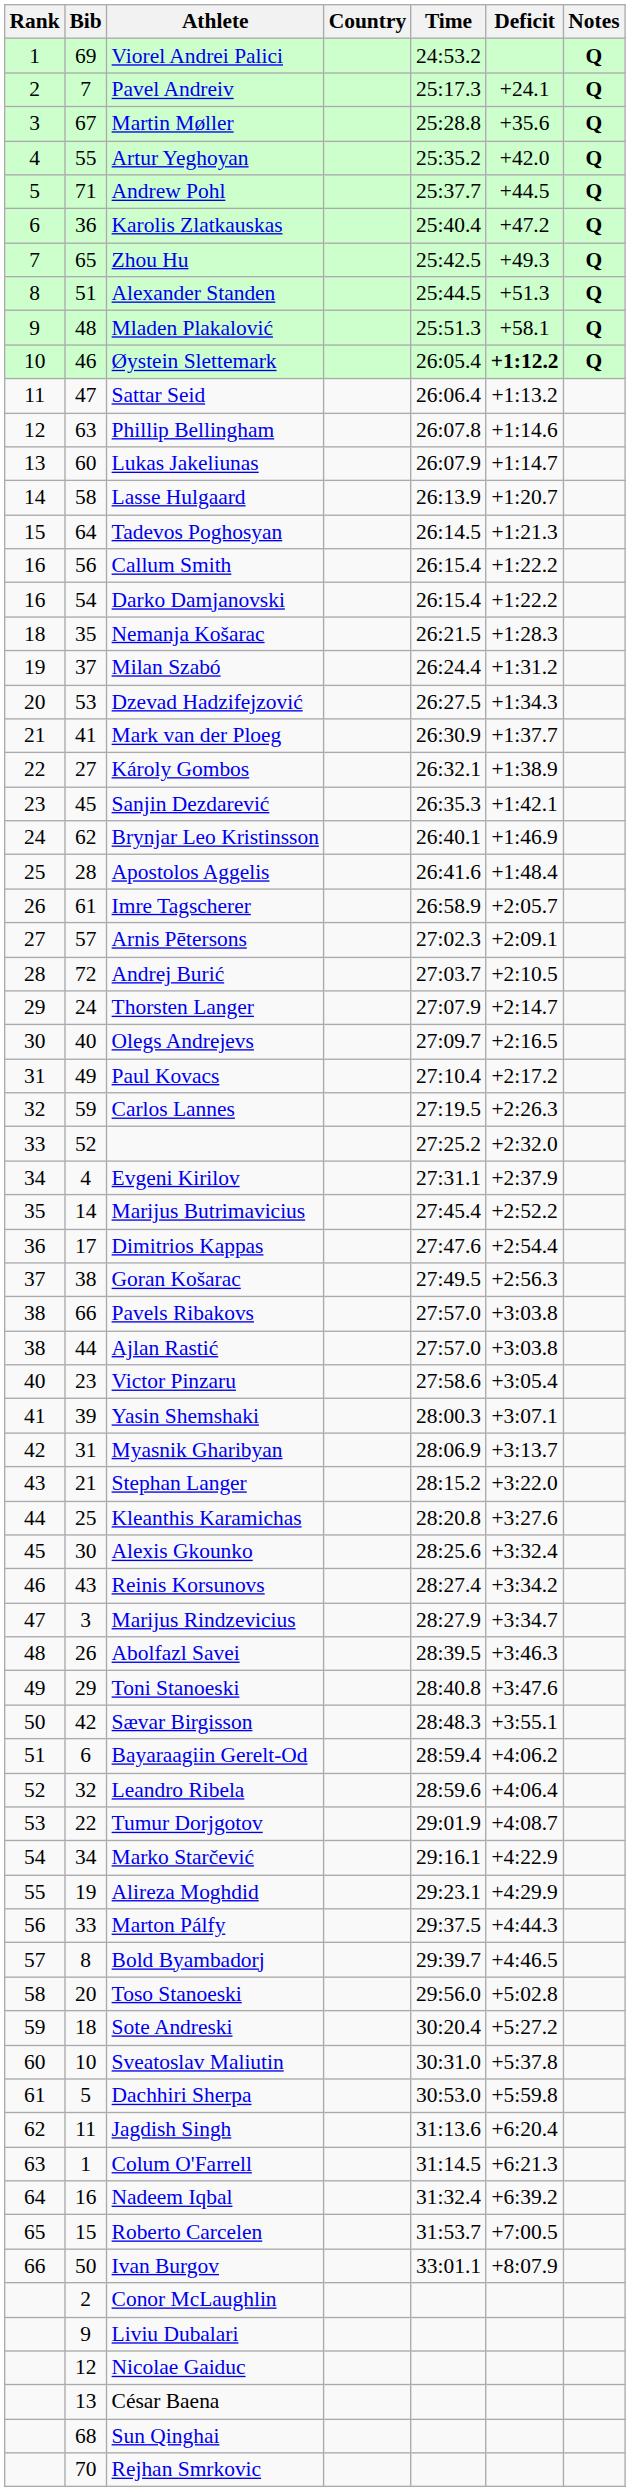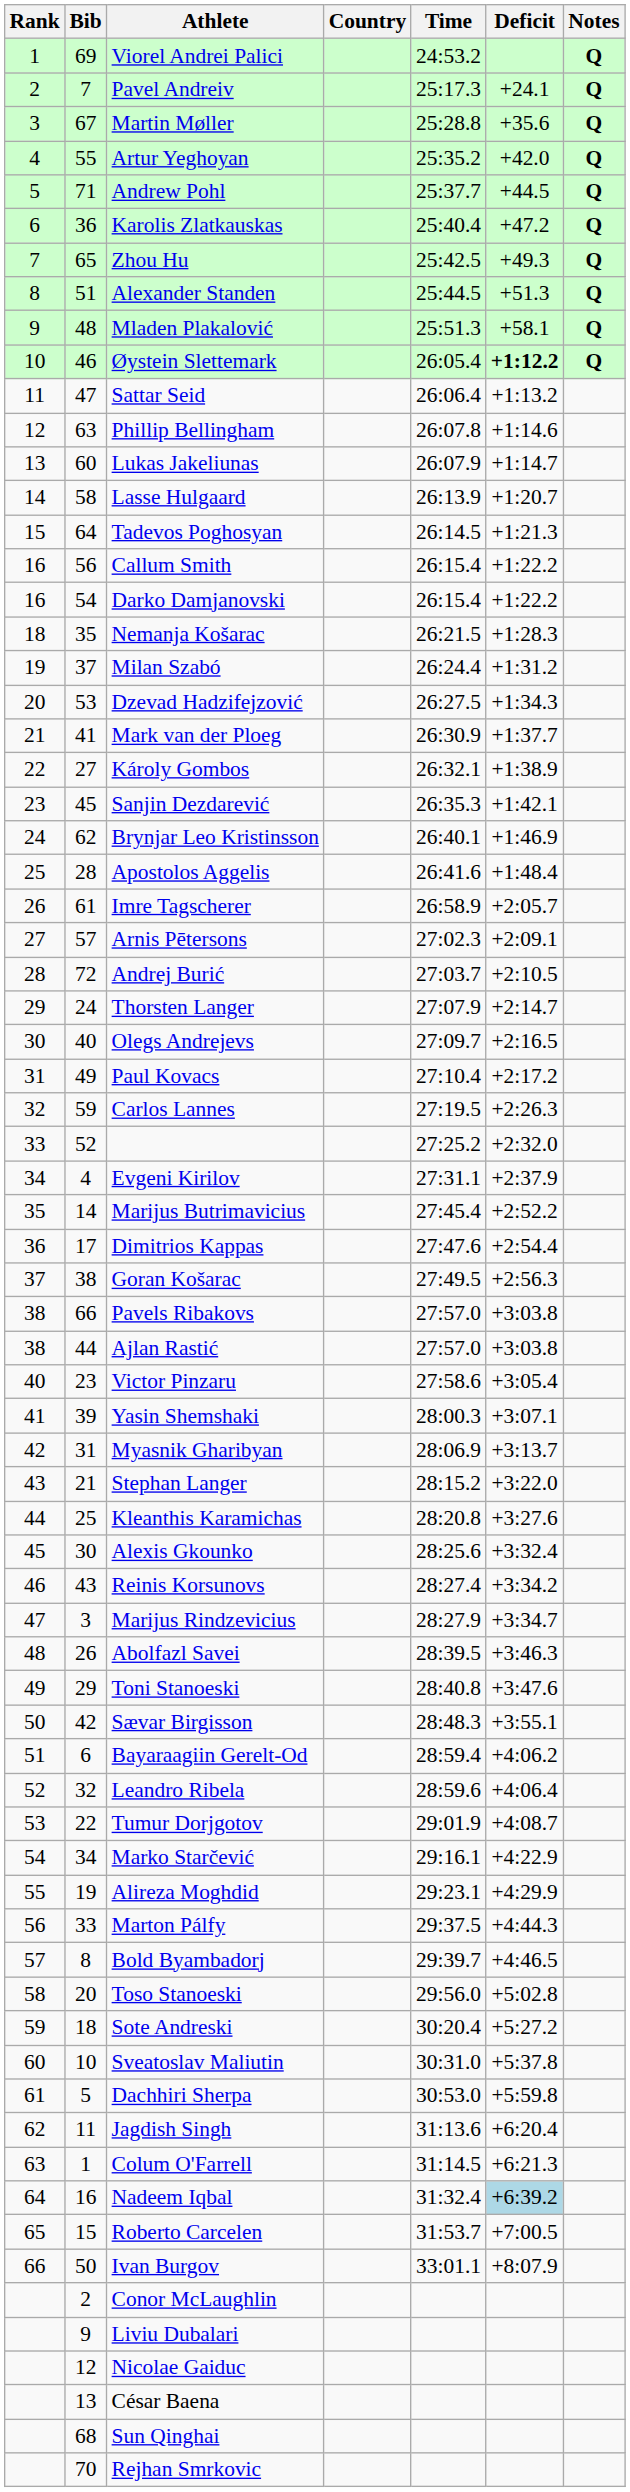 <table class="wikitable sortable" style="text-align:center">
 <tr>
 <th>Rank</th>
 <th>Bib</th>
 <th>Athlete</th>
 <th>Country</th>
 <th>Time</th>
 <th>Deficit</th>
 <th>Notes</th>
 </tr>
 <tr bgcolor=ccffcc>
 <td>1</td>
 <td>69</td>
 <td align=left><a href='#'>Viorel Andrei Palici</a></td>
 <td align=left></td>
 <td>24:53.2</td>
 <td></td>
 <td><strong>Q</strong></td>
 </tr>
 <tr bgcolor=ccffcc>
 <td>2</td>
 <td>7</td>
 <td align=left><a href='#'>Pavel Andreiv</a></td>
 <td align=left></td>
 <td>25:17.3</td>
 <td>+24.1</td>
 <td><strong>Q</strong></td>
 </tr>
 <tr bgcolor=ccffcc>
 <td>3</td>
 <td>67</td>
 <td align=left><a href='#'>Martin Møller</a></td>
 <td align=left></td>
 <td>25:28.8</td>
 <td>+35.6</td>
 <td><strong>Q</strong></td>
 </tr>
 <tr bgcolor=ccffcc>
 <td>4</td>
 <td>55</td>
 <td align=left><a href='#'>Artur Yeghoyan</a></td>
 <td align=left></td>
 <td>25:35.2</td>
 <td>+42.0</td>
 <td><strong>Q</strong></td>
 </tr>
 <tr bgcolor=ccffcc>
 <td>5</td>
 <td>71</td>
 <td align=left><a href='#'>Andrew Pohl</a></td>
 <td align=left></td>
 <td>25:37.7</td>
 <td>+44.5</td>
 <td><strong>Q</strong></td>
 </tr>
 <tr bgcolor=ccffcc>
 <td>6</td>
 <td>36</td>
 <td align=left><a href='#'>Karolis Zlatkauskas</a></td>
 <td align=left></td>
 <td>25:40.4</td>
 <td>+47.2</td>
 <td><strong>Q</strong></td>
 </tr>
 <tr bgcolor=ccffcc>
 <td>7</td>
 <td>65</td>
 <td align=left><a href='#'>Zhou Hu</a></td>
 <td align=left></td>
 <td>25:42.5</td>
 <td>+49.3</td>
 <td><strong>Q</strong></td>
 </tr>
 <tr bgcolor=ccffcc>
 <td>8</td>
 <td>51</td>
 <td align=left><a href='#'>Alexander Standen</a></td>
 <td align=left></td>
 <td>25:44.5</td>
 <td>+51.3</td>
 <td><strong>Q</strong></td>
 </tr>
 <tr bgcolor=ccffcc>
 <td>9</td>
 <td>48</td>
 <td align=left><a href='#'>Mladen Plakalović</a></td>
 <td align=left></td>
 <td>25:51.3</td>
 <td>+58.1</td>
 <td><strong>Q</strong></td>
 </tr>
 <tr bgcolor=ccffcc>
 <td>10</td>
 <td>46</td>
 <td align=left><a href='#'>Øystein Slettemark</a></td>
 <td align=left></td>
 <td>26:05.4</td>
 <td><strong>+1:12.2</strong></td>
 <td><strong>Q</strong></td>
 </tr>
 <tr>
 <td>11</td>
 <td>47</td>
 <td align=left><a href='#'>Sattar Seid</a></td>
 <td align=left></td>
 <td>26:06.4</td>
 <td>+1:13.2</td>
 <td></td>
 </tr>
 <tr>
 <td>12</td>
 <td>63</td>
 <td align=left><a href='#'>Phillip Bellingham</a></td>
 <td align=left></td>
 <td>26:07.8</td>
 <td>+1:14.6</td>
 <td></td>
 </tr>
 <tr>
 <td>13</td>
 <td>60</td>
 <td align=left><a href='#'>Lukas Jakeliunas</a></td>
 <td align=left></td>
 <td>26:07.9</td>
 <td>+1:14.7</td>
 <td></td>
 </tr>
 <tr>
 <td>14</td>
 <td>58</td>
 <td align=left><a href='#'>Lasse Hulgaard</a></td>
 <td align=left></td>
 <td>26:13.9</td>
 <td>+1:20.7</td>
 <td></td>
 </tr>
 <tr>
 <td>15</td>
 <td>64</td>
 <td align=left><a href='#'>Tadevos Poghosyan</a></td>
 <td align=left></td>
 <td>26:14.5</td>
 <td>+1:21.3</td>
 <td></td>
 </tr>
 <tr>
 <td>16</td>
 <td>56</td>
 <td align=left><a href='#'>Callum Smith</a></td>
 <td align=left></td>
 <td>26:15.4</td>
 <td>+1:22.2</td>
 <td></td>
 </tr>
 <tr>
 <td>16</td>
 <td>54</td>
 <td align=left><a href='#'>Darko Damjanovski</a></td>
 <td align=left></td>
 <td>26:15.4</td>
 <td>+1:22.2</td>
 <td></td>
 </tr>
 <tr>
 <td>18</td>
 <td>35</td>
 <td align=left><a href='#'>Nemanja Košarac</a></td>
 <td align=left></td>
 <td>26:21.5</td>
 <td>+1:28.3</td>
 <td></td>
 </tr>
 <tr>
 <td>19</td>
 <td>37</td>
 <td align=left><a href='#'>Milan Szabó</a></td>
 <td align=left></td>
 <td>26:24.4</td>
 <td>+1:31.2</td>
 <td></td>
 </tr>
 <tr>
 <td>20</td>
 <td>53</td>
 <td align=left><a href='#'>Dzevad Hadzifejzović</a></td>
 <td align=left></td>
 <td>26:27.5</td>
 <td>+1:34.3</td>
 <td></td>
 </tr>
 <tr>
 <td>21</td>
 <td>41</td>
 <td align=left><a href='#'>Mark van der Ploeg</a></td>
 <td align=left></td>
 <td>26:30.9</td>
 <td>+1:37.7</td>
 <td></td>
 </tr>
 <tr>
 <td>22</td>
 <td>27</td>
 <td align=left><a href='#'>Károly Gombos</a></td>
 <td align=left></td>
 <td>26:32.1</td>
 <td>+1:38.9</td>
 <td></td>
 </tr>
 <tr>
 <td>23</td>
 <td>45</td>
 <td align=left><a href='#'>Sanjin Dezdarević</a></td>
 <td align=left></td>
 <td>26:35.3</td>
 <td>+1:42.1</td>
 <td></td>
 </tr>
 <tr>
 <td>24</td>
 <td>62</td>
 <td align=left><a href='#'>Brynjar Leo Kristinsson</a></td>
 <td align=left></td>
 <td>26:40.1</td>
 <td>+1:46.9</td>
 <td></td>
 </tr>
 <tr>
 <td>25</td>
 <td>28</td>
 <td align=left><a href='#'>Apostolos Aggelis</a></td>
 <td align=left></td>
 <td>26:41.6</td>
 <td>+1:48.4</td>
 <td></td>
 </tr>
 <tr>
 <td>26</td>
 <td>61</td>
 <td align=left><a href='#'>Imre Tagscherer</a></td>
 <td align=left></td>
 <td>26:58.9</td>
 <td>+2:05.7</td>
 <td></td>
 </tr>
 <tr>
 <td>27</td>
 <td>57</td>
 <td align=left><a href='#'>Arnis Pētersons</a></td>
 <td align=left></td>
 <td>27:02.3</td>
 <td>+2:09.1</td>
 <td></td>
 </tr>
 <tr>
 <td>28</td>
 <td>72</td>
 <td align=left><a href='#'>Andrej Burić</a></td>
 <td align=left></td>
 <td>27:03.7</td>
 <td>+2:10.5</td>
 <td></td>
 </tr>
 <tr>
 <td>29</td>
 <td>24</td>
 <td align=left><a href='#'>Thorsten Langer</a></td>
 <td align=left></td>
 <td>27:07.9</td>
 <td>+2:14.7</td>
 <td></td>
 </tr>
 <tr>
 <td>30</td>
 <td>40</td>
 <td align=left><a href='#'>Olegs Andrejevs</a></td>
 <td align=left></td>
 <td>27:09.7</td>
 <td>+2:16.5</td>
 <td></td>
 </tr>
 <tr>
 <td>31</td>
 <td>49</td>
 <td align=left><a href='#'>Paul Kovacs</a></td>
 <td align=left></td>
 <td>27:10.4</td>
 <td>+2:17.2</td>
 <td></td>
 </tr>
 <tr>
 <td>32</td>
 <td>59</td>
 <td align=left><a href='#'>Carlos Lannes</a></td>
 <td align=left></td>
 <td>27:19.5</td>
 <td>+2:26.3</td>
 <td></td>
 </tr>
 <tr>
 <td>33</td>
 <td>52</td>
 <td align=left></td>
 <td align=left></td>
 <td>27:25.2</td>
 <td>+2:32.0</td>
 <td></td>
 </tr>
 <tr>
 <td>34</td>
 <td>4</td>
 <td align=left><a href='#'>Evgeni Kirilov</a></td>
 <td align=left></td>
 <td>27:31.1</td>
 <td>+2:37.9</td>
 <td></td>
 </tr>
 <tr>
 <td>35</td>
 <td>14</td>
 <td align=left><a href='#'>Marijus Butrimavicius</a></td>
 <td align=left></td>
 <td>27:45.4</td>
 <td>+2:52.2</td>
 <td></td>
 </tr>
 <tr>
 <td>36</td>
 <td>17</td>
 <td align=left><a href='#'>Dimitrios Kappas</a></td>
 <td align=left></td>
 <td>27:47.6</td>
 <td>+2:54.4</td>
 <td></td>
 </tr>
 <tr>
 <td>37</td>
 <td>38</td>
 <td align=left><a href='#'>Goran Košarac</a></td>
 <td align=left></td>
 <td>27:49.5</td>
 <td>+2:56.3</td>
 <td></td>
 </tr>
 <tr>
 <td>38</td>
 <td>66</td>
 <td align=left><a href='#'>Pavels Ribakovs</a></td>
 <td align=left></td>
 <td>27:57.0</td>
 <td>+3:03.8</td>
 <td></td>
 </tr>
 <tr>
 <td>38</td>
 <td>44</td>
 <td align=left><a href='#'>Ajlan Rastić</a></td>
 <td align=left></td>
 <td>27:57.0</td>
 <td>+3:03.8</td>
 <td></td>
 </tr>
 <tr>
 <td>40</td>
 <td>23</td>
 <td align=left><a href='#'>Victor Pinzaru</a></td>
 <td align=left></td>
 <td>27:58.6</td>
 <td>+3:05.4</td>
 <td></td>
 </tr>
 <tr>
 <td>41</td>
 <td>39</td>
 <td align=left><a href='#'>Yasin Shemshaki</a></td>
 <td align=left></td>
 <td>28:00.3</td>
 <td>+3:07.1</td>
 <td></td>
 </tr>
 <tr>
 <td>42</td>
 <td>31</td>
 <td align=left><a href='#'>Myasnik Gharibyan</a></td>
 <td align=left></td>
 <td>28:06.9</td>
 <td>+3:13.7</td>
 <td></td>
 </tr>
 <tr>
 <td>43</td>
 <td>21</td>
 <td align=left><a href='#'>Stephan Langer</a></td>
 <td align=left></td>
 <td>28:15.2</td>
 <td>+3:22.0</td>
 <td></td>
 </tr>
 <tr>
 <td>44</td>
 <td>25</td>
 <td align=left><a href='#'>Kleanthis Karamichas</a></td>
 <td align=left></td>
 <td>28:20.8</td>
 <td>+3:27.6</td>
 <td></td>
 </tr>
 <tr>
 <td>45</td>
 <td>30</td>
 <td align=left><a href='#'>Alexis Gkounko</a></td>
 <td align=left></td>
 <td>28:25.6</td>
 <td>+3:32.4</td>
 <td></td>
 </tr>
 <tr>
 <td>46</td>
 <td>43</td>
 <td align=left><a href='#'>Reinis Korsunovs</a></td>
 <td align=left></td>
 <td>28:27.4</td>
 <td>+3:34.2</td>
 <td></td>
 </tr>
 <tr>
 <td>47</td>
 <td>3</td>
 <td align=left><a href='#'>Marijus Rindzevicius</a></td>
 <td align=left></td>
 <td>28:27.9</td>
 <td>+3:34.7</td>
 <td></td>
 </tr>
 <tr>
 <td>48</td>
 <td>26</td>
 <td align=left><a href='#'>Abolfazl Savei</a></td>
 <td align=left></td>
 <td>28:39.5</td>
 <td>+3:46.3</td>
 <td></td>
 </tr>
 <tr>
 <td>49</td>
 <td>29</td>
 <td align=left><a href='#'>Toni Stanoeski</a></td>
 <td align=left></td>
 <td>28:40.8</td>
 <td>+3:47.6</td>
 <td></td>
 </tr>
 <tr>
 <td>50</td>
 <td>42</td>
 <td align=left><a href='#'>Sævar Birgisson</a></td>
 <td align=left></td>
 <td>28:48.3</td>
 <td>+3:55.1</td>
 <td></td>
 </tr>
 <tr>
 <td>51</td>
 <td>6</td>
 <td align=left><a href='#'>Bayaraagiin Gerelt-Od</a></td>
 <td align=left></td>
 <td>28:59.4</td>
 <td>+4:06.2</td>
 <td></td>
 </tr>
 <tr>
 <td>52</td>
 <td>32</td>
 <td align=left><a href='#'>Leandro Ribela</a></td>
 <td align=left></td>
 <td>28:59.6</td>
 <td>+4:06.4</td>
 <td></td>
 </tr>
 <tr>
 <td>53</td>
 <td>22</td>
 <td align=left><a href='#'>Tumur Dorjgotov</a></td>
 <td align=left></td>
 <td>29:01.9</td>
 <td>+4:08.7</td>
 <td></td>
 </tr>
 <tr>
 <td>54</td>
 <td>34</td>
 <td align=left><a href='#'>Marko Starčević</a></td>
 <td align=left></td>
 <td>29:16.1</td>
 <td>+4:22.9</td>
 <td></td>
 </tr>
 <tr>
 <td>55</td>
 <td>19</td>
 <td align=left><a href='#'>Alireza Moghdid</a></td>
 <td align=left></td>
 <td>29:23.1</td>
 <td>+4:29.9</td>
 <td></td>
 </tr>
 <tr>
 <td>56</td>
 <td>33</td>
 <td align=left><a href='#'>Marton Pálfy</a></td>
 <td align=left></td>
 <td>29:37.5</td>
 <td>+4:44.3</td>
 <td></td>
 </tr>
 <tr>
 <td>57</td>
 <td>8</td>
 <td align=left><a href='#'>Bold Byambadorj</a></td>
 <td align=left></td>
 <td>29:39.7</td>
 <td>+4:46.5</td>
 <td></td>
 </tr>
 <tr>
 <td>58</td>
 <td>20</td>
 <td align=left><a href='#'>Toso Stanoeski</a></td>
 <td align=left></td>
 <td>29:56.0</td>
 <td>+5:02.8</td>
 <td></td>
 </tr>
 <tr>
 <td>59</td>
 <td>18</td>
 <td align=left><a href='#'>Sote Andreski</a></td>
 <td align=left></td>
 <td>30:20.4</td>
 <td>+5:27.2</td>
 <td></td>
 </tr>
 <tr>
 <td>60</td>
 <td>10</td>
 <td align=left><a href='#'>Sveatoslav Maliutin</a></td>
 <td align=left></td>
 <td>30:31.0</td>
 <td>+5:37.8</td>
 <td></td>
 </tr>
 <tr>
 <td>61</td>
 <td>5</td>
 <td align=left><a href='#'>Dachhiri Sherpa</a></td>
 <td align=left></td>
 <td>30:53.0</td>
 <td>+5:59.8</td>
 <td></td>
 </tr>
 <tr>
 <td>62</td>
 <td>11</td>
 <td align=left><a href='#'>Jagdish Singh</a></td>
 <td align=left></td>
 <td>31:13.6</td>
 <td>+6:20.4</td>
 <td></td>
 </tr>
 <tr>
 <td>63</td>
 <td>1</td>
 <td align=left><a href='#'>Colum O'Farrell</a></td>
 <td align=left></td>
 <td>31:14.5</td>
 <td>+6:21.3</td>
 <td></td>
 </tr>
 <tr>
 <td>64</td>
 <td>16</td>
 <td align=left><a href='#'>Nadeem Iqbal</a></td>
 <td align=left></td>
 <td>31:32.4</td>
-<td>+6:39.2</td>
+<td style="background: lightblue;">+6:39.2</td>
 <td></td>
 </tr>
 <tr>
 <td>65</td>
 <td>15</td>
 <td align=left><a href='#'>Roberto Carcelen</a></td>
 <td align=left></td>
 <td>31:53.7</td>
 <td>+7:00.5</td>
 <td></td>
 </tr>
 <tr>
 <td>66</td>
 <td>50</td>
 <td align=left><a href='#'>Ivan Burgov</a></td>
 <td align=left></td>
 <td>33:01.1</td>
 <td>+8:07.9</td>
 <td></td>
 </tr>
 <tr>
 <td></td>
 <td>2</td>
 <td align=left><a href='#'>Conor McLaughlin</a></td>
 <td align=left></td>
 <td></td>
 <td></td>
 <td></td>
 </tr>
 <tr>
 <td></td>
 <td>9</td>
 <td align=left><a href='#'>Liviu Dubalari</a></td>
 <td align=left></td>
 <td></td>
 <td></td>
 <td></td>
 </tr>
 <tr>
 <td></td>
 <td>12</td>
 <td align=left><a href='#'>Nicolae Gaiduc</a></td>
 <td align=left></td>
 <td></td>
 <td></td>
 <td></td>
 </tr>
 <tr>
 <td></td>
 <td>13</td>
 <td align=left>César Baena</td>
 <td align=left></td>
 <td></td>
 <td></td>
 <td></td>
 </tr>
 <tr>
 <td></td>
 <td>68</td>
 <td align=left><a href='#'>Sun Qinghai</a></td>
 <td align=left></td>
 <td></td>
 <td></td>
 <td></td>
 </tr>
 <tr>
 <td></td>
 <td>70</td>
 <td align=left><a href='#'>Rejhan Smrkovic</a></td>
 <td align=left></td>
 <td></td>
 <td></td>
 <td></td>
 </tr>
 </table>
